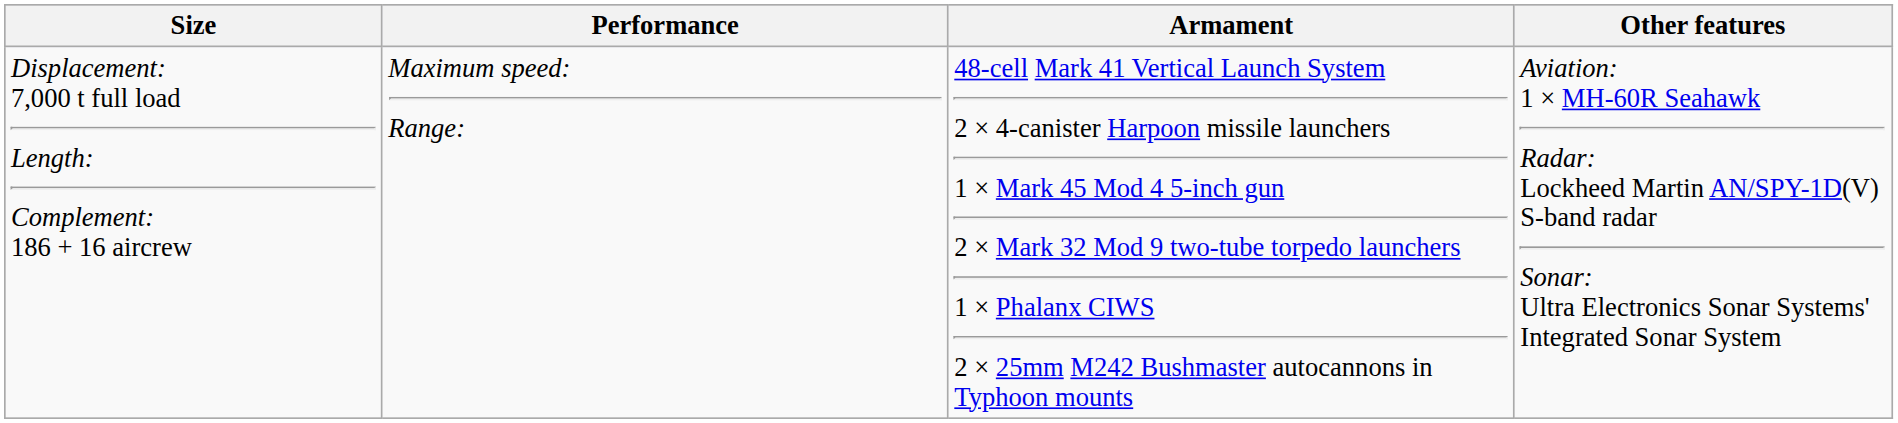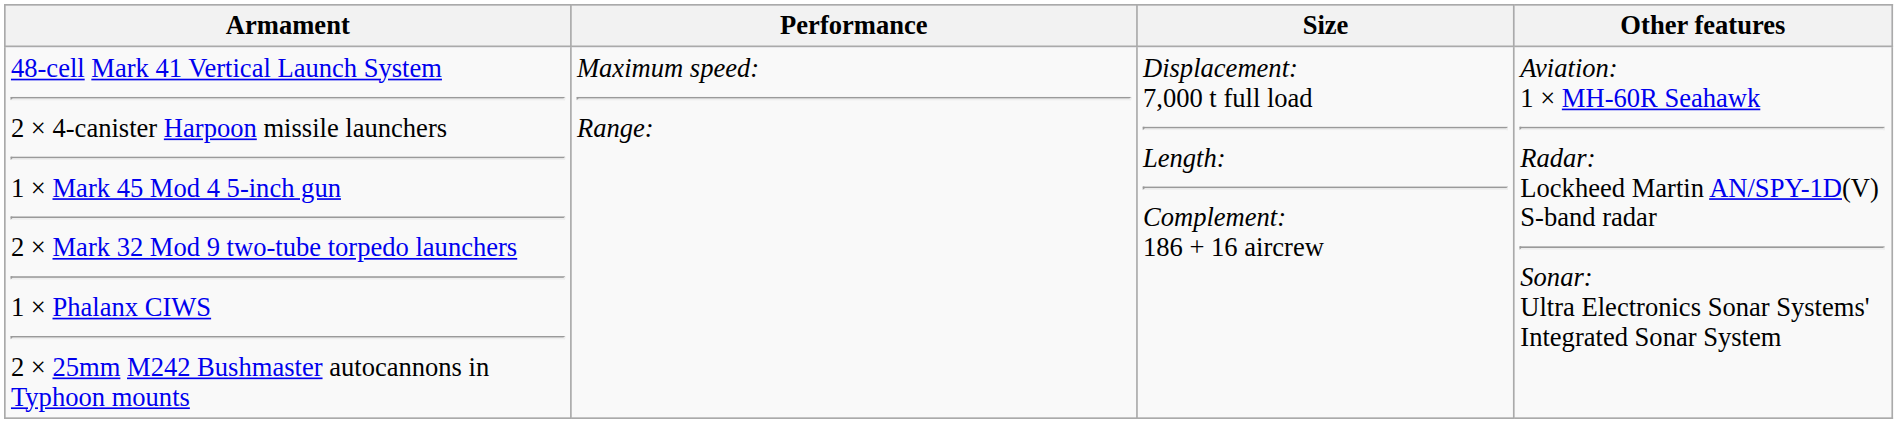 <table class="wikitable" width="90%" style="text-align: left">
 <tr bgcolor="lavender">
+<th>Armament</th>
+<th>Performance</th>
 <th>Size</th>
-<th>Performance</th>
-<th>Armament</th>
 <th>Other features</th>
 </tr>
 <tr>
+<td valign="top" width="30%"><a href='#'>48-cell</a> <a href='#'>Mark 41 Vertical Launch System</a><hr>2 × 4-canister <a href='#'>Harpoon</a> missile launchers<hr>1 × <a href='#'>Mark 45 Mod 4 5-inch gun</a><hr>2 × <a href='#'>Mark 32 Mod 9 two-tube torpedo launchers</a><hr>1 × <a href='#'>Phalanx CIWS</a><hr>2 × <a href='#'>25mm</a> <a href='#'>M242 Bushmaster</a> autocannons in <a href='#'>Typhoon mounts</a></td>
+<td valign="top" width="30%"><em>Maximum speed:</em><br><hr><em>Range:</em><br></td>
 <td valign="top" width="20%"><em>Displacement:</em><br>7,000 t full load<hr><em>Length:</em><br><hr><em>Complement:</em><br>186 + 16 aircrew</td>
-<td valign="top" width="30%"><em>Maximum speed:</em><br><hr><em>Range:</em><br></td>
-<td valign="top" width="30%"><a href='#'>48-cell</a> <a href='#'>Mark 41 Vertical Launch System</a><hr>2 × 4-canister <a href='#'>Harpoon</a> missile launchers<hr>1 × <a href='#'>Mark 45 Mod 4 5-inch gun</a><hr>2 × <a href='#'>Mark 32 Mod 9 two-tube torpedo launchers</a><hr>1 × <a href='#'>Phalanx CIWS</a><hr>2 × <a href='#'>25mm</a> <a href='#'>M242 Bushmaster</a> autocannons in <a href='#'>Typhoon mounts</a></td>
 <td valign="top" width="20%"><em>Aviation:</em><br>1 × <a href='#'>MH-60R Seahawk</a><hr><em>Radar:</em><br>Lockheed Martin <a href='#'>AN/SPY-1D</a>(V) S-band radar<hr><em>Sonar:</em><br>Ultra Electronics Sonar Systems' Integrated Sonar System</td>
 </tr>
 </table>
